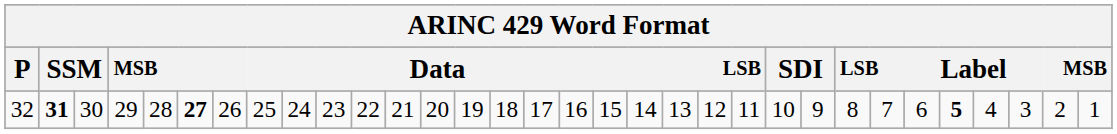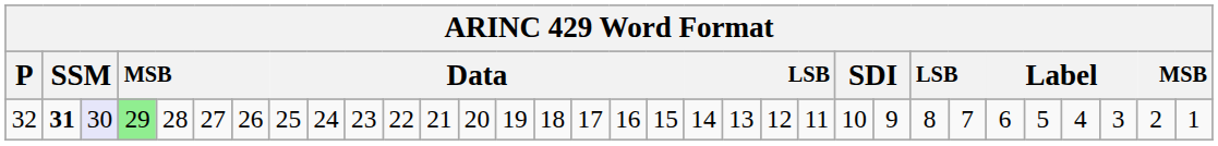 <table class="wikitable" border="1" style="margin-left: auto; margin-right: auto; border: none; ">
 <tr>
 <th colspan="32">ARINC 429 Word Format</th>
 </tr>
 <tr>
 <th colspan=" 1" style="width: 3.125%;">P</th>
 <th colspan=" 2" style="width: 6.250%;">SSM</th>
 <th colspan=" 4" style="width: 12.500%; font-size: 75%; text-align: left; border: none;">MSB</th>
 <th colspan="11" style="width: 34.375%; text-align: center; border: none;">Data</th>
 <th colspan=" 4" style="width: 12.500%; font-size: 75%; text-align: right; border: none;">LSB</th>
 <th colspan=" 2" style="width: 6.250%;">SDI</th>
 <th colspan=" 2" style="width: 6.250%; font-size: 75%; text-align: left; border: none;">LSB</th>
 <th colspan=" 4" style="width: 12.500%; text-align: center; border: none;">Label</th>
 <th colspan=" 2" style="width: 6.250%; font-size: 75%; text-align: right; border-left: none;">MSB</th>
 </tr>
 <tr style="font-size: 86%; text-align: center;">
 <td>32</td>
 <td><strong>31</strong></td>
-<td>30</td>
-<td>29</td>
+<td style="background: lavender;">30</td>
+<td style="background: lightgreen;">29</td>
 <td>28</td>
-<td><strong>27</strong></td>
+<td>27</td>
 <td>26</td>
 <td>25</td>
 <td>24</td>
 <td>23</td>
 <td>22</td>
 <td>21</td>
 <td>20</td>
 <td>19</td>
 <td>18</td>
 <td>17</td>
 <td>16</td>
 <td>15</td>
 <td>14</td>
 <td>13</td>
 <td>12</td>
 <td>11</td>
 <td>10</td>
 <td style="width: 3.125%;">9</td>
 <td>8</td>
 <td>7</td>
 <td>6</td>
-<td><strong>5</strong></td>
+<td>5</td>
 <td>4</td>
 <td>3</td>
 <td>2</td>
 <td>1</td>
 </tr>
 </table>
